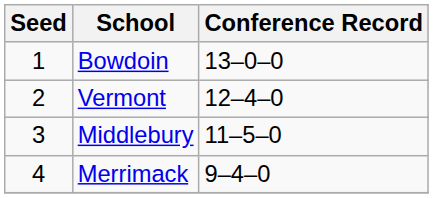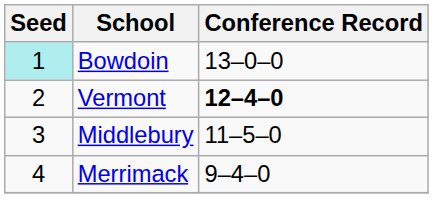 <table class="wikitable">
 <tr>
 <th>Seed</th>
 <th>School</th>
 <th>Conference Record</th>
 </tr>
 <tr>
-<td align=center>1</td>
+<td align=center style="background: paleturquoise;">1</td>
 <td><a href='#'>Bowdoin</a></td>
 <td>13–0–0</td>
 </tr>
 <tr>
 <td align=center>2</td>
 <td><a href='#'>Vermont</a></td>
-<td>12–4–0</td>
+<td><strong>12–4–0</strong></td>
 </tr>
 <tr>
 <td align=center>3</td>
 <td><a href='#'>Middlebury</a></td>
 <td>11–5–0</td>
 </tr>
 <tr>
 <td align=center>4</td>
 <td><a href='#'>Merrimack</a></td>
 <td>9–4–0</td>
 </tr>
 <tr>
 </tr>
 </table>
